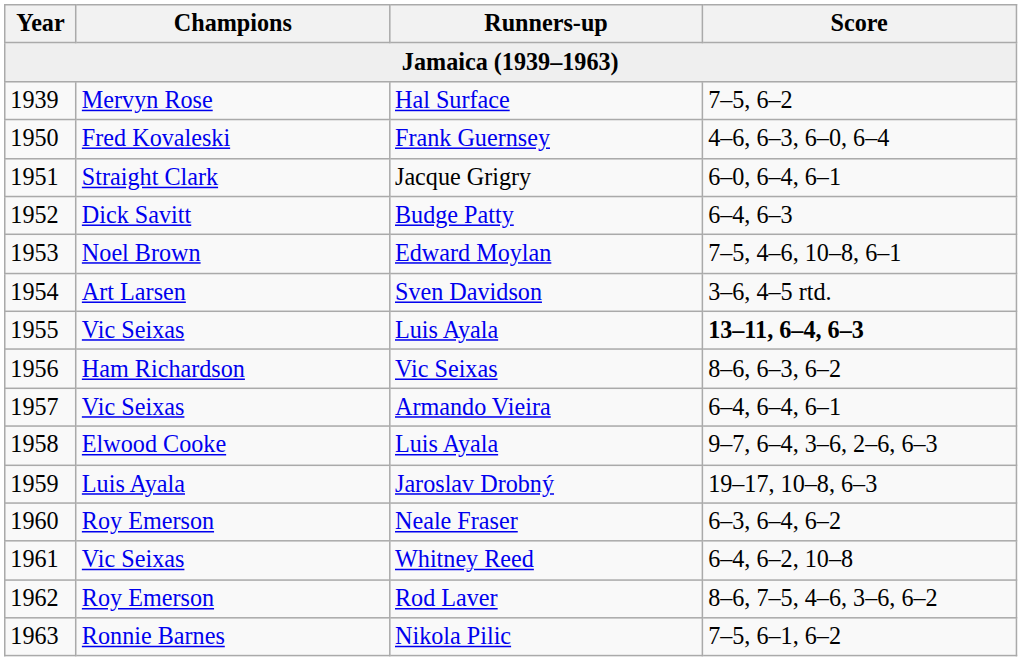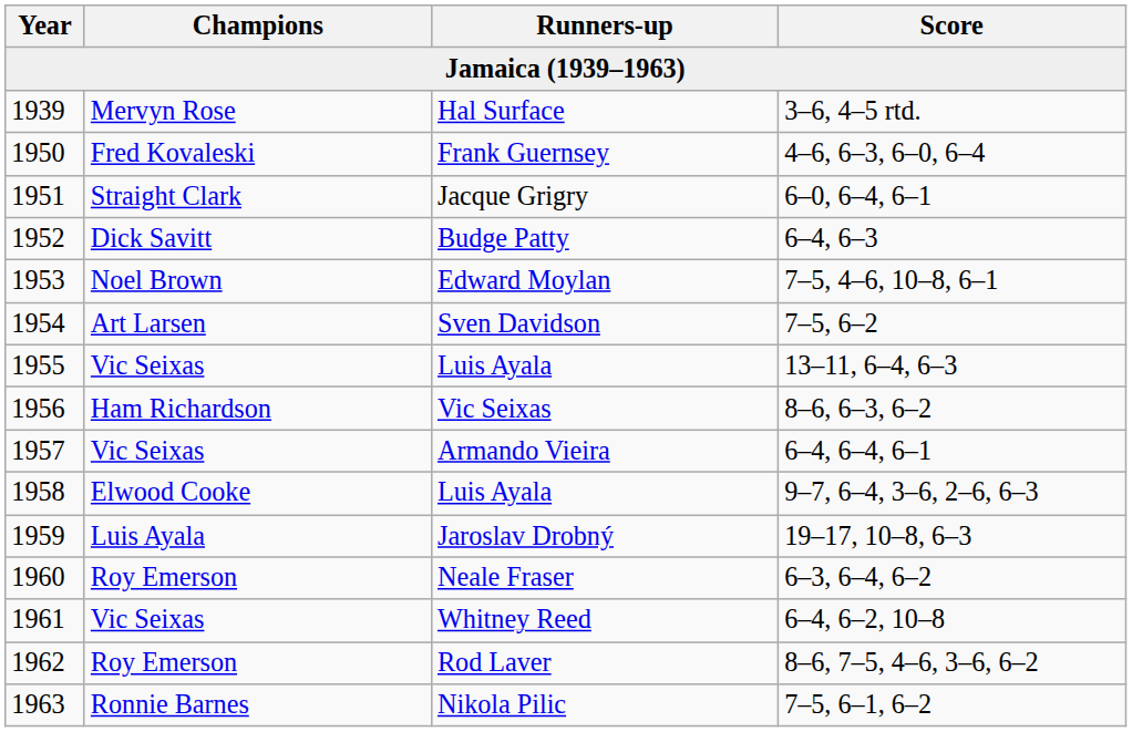 <table class="wikitable">
 <tr>
 <th style="width:40px">Year</th>
 <th style="width:200px">Champions</th>
 <th style="width:200px">Runners-up</th>
 <th style="width:200px" class="unsortable">Score</th>
 </tr>
 <tr>
 <th colspan="4" style="background:#efefef">Jamaica (1939–1963)</th>
 </tr>
 <tr>
 <td>1939</td>
 <td> <a href='#'>Mervyn Rose</a></td>
 <td> <a href='#'>Hal Surface</a></td>
-<td>7–5, 6–2</td>
+<td>3–6, 4–5 rtd.</td>
 </tr>
 <tr>
 <td>1950</td>
 <td> <a href='#'>Fred Kovaleski</a></td>
 <td> <a href='#'>Frank Guernsey</a></td>
 <td>4–6, 6–3, 6–0, 6–4</td>
 </tr>
 <tr>
 <td>1951</td>
 <td> <a href='#'>Straight Clark</a></td>
 <td> Jacque Grigry</td>
 <td>6–0, 6–4, 6–1</td>
 </tr>
 <tr>
 <td>1952</td>
 <td> <a href='#'>Dick Savitt</a></td>
 <td> <a href='#'>Budge Patty</a></td>
 <td>6–4, 6–3</td>
 </tr>
 <tr>
 <td>1953</td>
 <td> <a href='#'>Noel Brown</a></td>
 <td> <a href='#'>Edward Moylan</a></td>
 <td>7–5, 4–6, 10–8, 6–1</td>
 </tr>
 <tr>
 <td>1954</td>
 <td> <a href='#'>Art Larsen</a></td>
 <td> <a href='#'>Sven Davidson</a></td>
-<td>3–6, 4–5 rtd.</td>
+<td>7–5, 6–2</td>
 </tr>
 <tr>
 <td>1955</td>
 <td> <a href='#'>Vic Seixas</a></td>
 <td> <a href='#'>Luis Ayala</a></td>
-<td><strong>13–11, 6–4, 6–3</strong></td>
+<td>13–11, 6–4, 6–3</td>
 </tr>
 <tr>
 <td>1956</td>
 <td> <a href='#'>Ham Richardson</a></td>
 <td> <a href='#'>Vic Seixas</a></td>
 <td>8–6, 6–3, 6–2</td>
 </tr>
 <tr>
 <td>1957</td>
 <td> <a href='#'>Vic Seixas</a></td>
 <td> <a href='#'>Armando Vieira</a></td>
 <td>6–4, 6–4, 6–1</td>
 </tr>
 <tr>
 <td>1958</td>
 <td> <a href='#'>Elwood Cooke</a></td>
 <td> <a href='#'>Luis Ayala</a></td>
 <td>9–7, 6–4, 3–6, 2–6, 6–3</td>
 </tr>
 <tr>
 <td>1959</td>
 <td> <a href='#'>Luis Ayala</a></td>
 <td> <a href='#'>Jaroslav Drobný</a></td>
 <td>19–17, 10–8, 6–3</td>
 </tr>
 <tr>
 <td>1960</td>
 <td> <a href='#'>Roy Emerson</a></td>
 <td> <a href='#'>Neale Fraser</a></td>
 <td>6–3, 6–4, 6–2</td>
 </tr>
 <tr>
 <td>1961</td>
 <td> <a href='#'>Vic Seixas</a></td>
 <td> <a href='#'>Whitney Reed</a></td>
 <td>6–4, 6–2, 10–8</td>
 </tr>
 <tr>
 <td>1962</td>
 <td> <a href='#'>Roy Emerson</a></td>
 <td> <a href='#'>Rod Laver</a></td>
 <td>8–6, 7–5, 4–6, 3–6, 6–2</td>
 </tr>
 <tr>
 <td>1963</td>
 <td>  <a href='#'>Ronnie Barnes</a></td>
 <td> <a href='#'>Nikola Pilic</a></td>
 <td>7–5, 6–1, 6–2</td>
 </tr>
 </table>
